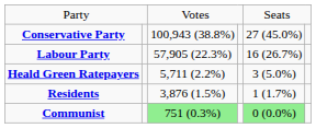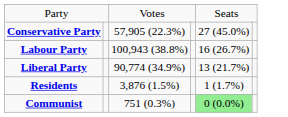 <table class=wikitable style="text-align:center;">
 <tr>
 <td colspan=2>Party</td>
 <td colspan=2>Votes</td>
 <td colspan=2>Seats</td>
 </tr>
 <tr>
 <td><strong><a href='#'>Conservative Party</a></strong></td>
 <td style="background:"></td>
-<td>100,943 (38.8%)</td>
+<td>57,905 (22.3%)</td>
 <td></td>
 <td>27 (45.0%)</td>
 <td></td>
 </tr>
 <tr>
 <td><strong><a href='#'>Labour Party</a></strong></td>
 <td style="background:"></td>
-<td>57,905 (22.3%)</td>
+<td>100,943 (38.8%)</td>
 <td></td>
 <td>16 (26.7%)</td>
 <td></td>
 </tr>
 <tr>
-<td><strong><a href='#'>Heald Green Ratepayers</a></strong></td>
+<td><strong><a href='#'>Liberal Party</a></strong></td>
 <td style="background:"></td>
-<td>5,711 (2.2%)</td>
+<td>90,774 (34.9%)</td>
 <td></td>
-<td>3 (5.0%)</td>
+<td>13 (21.7%)</td>
 <td></td>
 </tr>
 <tr>
 <td><strong><a href='#'>Residents</a></strong></td>
 <td style="background:"></td>
 <td>3,876 (1.5%)</td>
 <td></td>
 <td>1 (1.7%)</td>
 <td></td>
 </tr>
 <tr>
 <td><strong><a href='#'>Communist</a></strong></td>
 <td style="background:"></td>
-<td style="background: lightgreen;">751 (0.3%)</td>
+<td>751 (0.3%)</td>
 <td></td>
 <td style="background: lightgreen;">0  (0.0%)</td>
 <td></td>
 </tr>
 </table>
